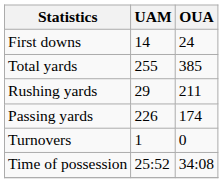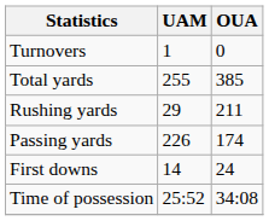 <table class="wikitable" style="float: left;">
 <tr>
 <th>Statistics</th>
 <th>UAM</th>
 <th>OUA</th>
 </tr>
 <tr>
-<td>First downs</td>
-<td>14</td>
-<td>24</td>
+<td>Turnovers</td>
+<td>1</td>
+<td>0</td>
 </tr>
 <tr>
 <td>Total yards</td>
 <td>255</td>
 <td>385</td>
 </tr>
 <tr>
 <td>Rushing yards</td>
 <td>29</td>
 <td>211</td>
 </tr>
 <tr>
 <td>Passing yards</td>
 <td>226</td>
 <td>174</td>
 </tr>
 <tr>
-<td>Turnovers</td>
-<td>1</td>
-<td>0</td>
+<td>First downs</td>
+<td>14</td>
+<td>24</td>
 </tr>
 <tr>
 <td>Time of possession</td>
 <td>25:52</td>
 <td>34:08</td>
 </tr>
 <tr>
 </tr>
 </table>
